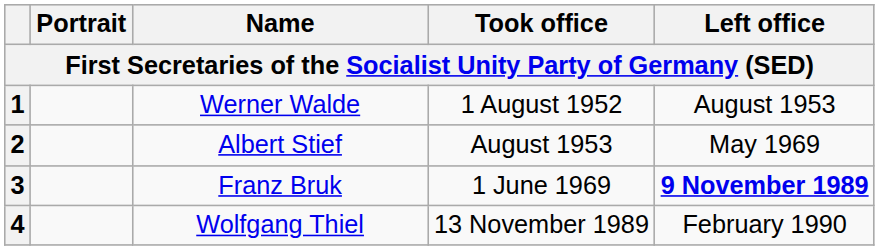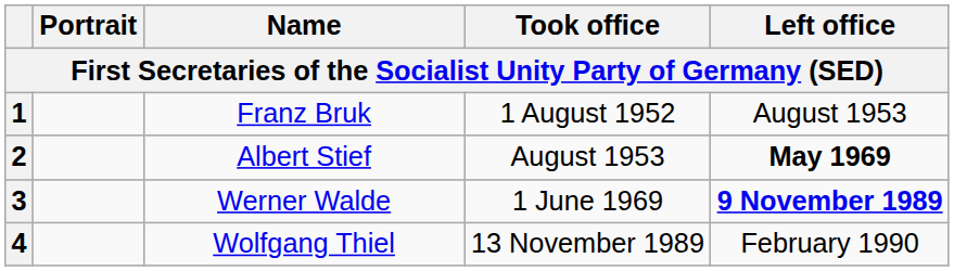 <table class="wikitable" style="text-align:center">
 <tr>
 <th></th>
 <th>Portrait</th>
 <th width=180>Name<br></th>
 <th>Took office</th>
 <th>Left office</th>
 </tr>
 <tr>
 <th colspan=5>First Secretaries of the <a href='#'>Socialist Unity Party of Germany</a> (SED)</th>
 </tr>
 <tr>
 <th style="background:">1</th>
 <td></td>
-<td><a href='#'>Werner Walde</a><br></td>
+<td><a href='#'>Franz Bruk</a><br></td>
 <td>1 August 1952</td>
 <td>August 1953</td>
 </tr>
 <tr>
 <th style="background:">2</th>
 <td></td>
 <td><a href='#'>Albert Stief</a><br></td>
 <td>August 1953</td>
-<td>May 1969</td>
+<td><strong>May 1969</strong></td>
 </tr>
 <tr>
 <th style="background:">3</th>
 <td></td>
-<td><a href='#'>Franz Bruk</a><br></td>
+<td><a href='#'>Werner Walde</a><br></td>
 <td>1 June 1969</td>
 <td><strong><a href='#'>9 November 1989<br></a></strong></td>
 </tr>
 <tr>
 <th style="background:">4</th>
 <td></td>
 <td><a href='#'>Wolfgang Thiel</a><br></td>
 <td>13 November 1989</td>
 <td>February 1990</td>
 </tr>
 </table>
